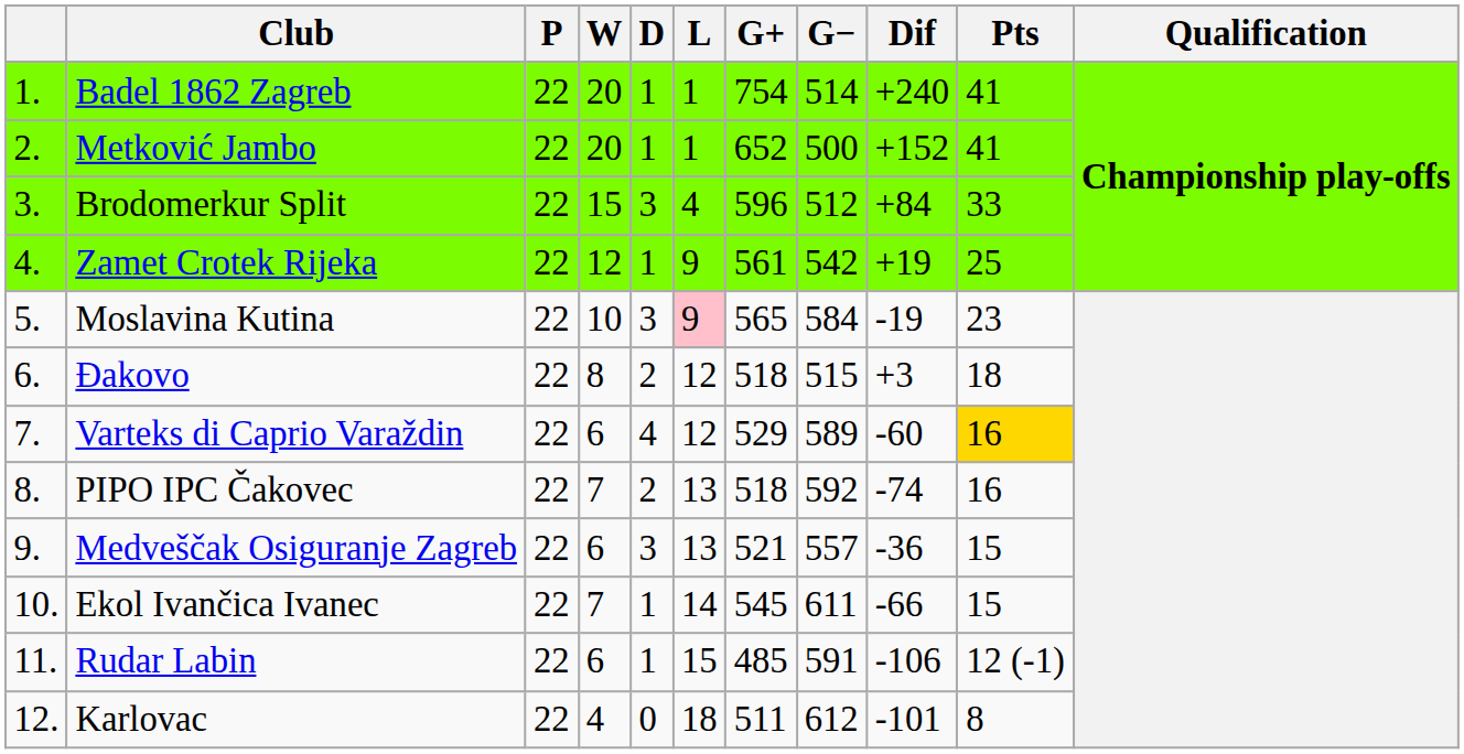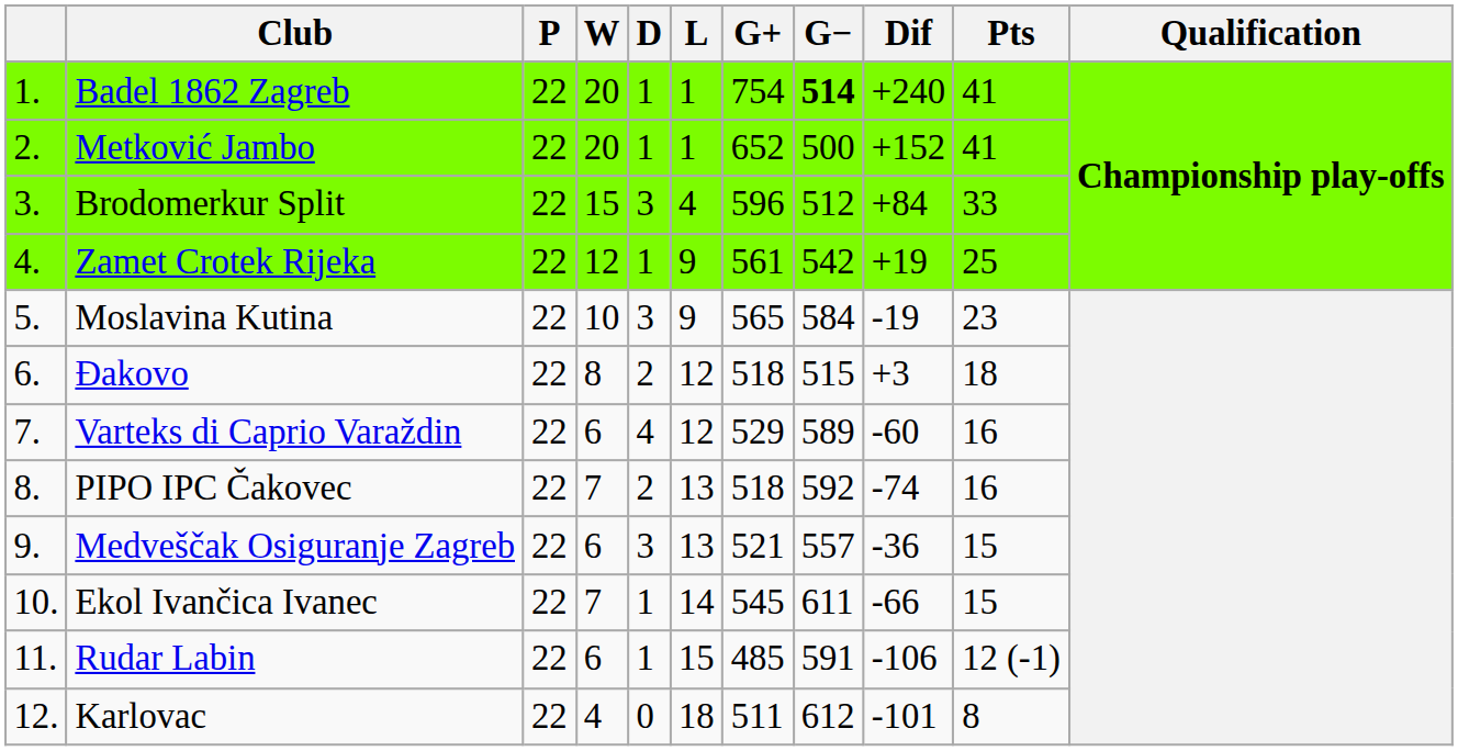 <table class="wikitable sortable">
 <tr>
 <th></th>
 <th>Club</th>
 <th>P</th>
 <th>W</th>
 <th>D</th>
 <th>L</th>
 <th>G+</th>
 <th>G−</th>
 <th>Dif</th>
 <th>Pts</th>
 <th>Qualification</th>
 </tr>
 <tr bgcolor="lawngreen">
 <td>1.</td>
 <td><a href='#'>Badel 1862 Zagreb</a></td>
 <td>22</td>
 <td>20</td>
 <td>1</td>
 <td>1</td>
 <td>754</td>
-<td>514</td>
+<td><strong>514</strong></td>
 <td>+240</td>
 <td>41</td>
 <td rowspan="4"><strong>Championship play-offs</strong></td>
 </tr>
 <tr bgcolor="lawngreen">
 <td>2.</td>
 <td><a href='#'>Metković Jambo</a></td>
 <td>22</td>
 <td>20</td>
 <td>1</td>
 <td>1</td>
 <td>652</td>
 <td>500</td>
 <td>+152</td>
 <td>41</td>
 </tr>
 <tr bgcolor="lawngreen">
 <td>3.</td>
 <td>Brodomerkur Split</td>
 <td>22</td>
 <td>15</td>
 <td>3</td>
 <td>4</td>
 <td>596</td>
 <td>512</td>
 <td>+84</td>
 <td>33</td>
 </tr>
 <tr bgcolor="lawngreen">
 <td>4.</td>
 <td><a href='#'>Zamet Crotek Rijeka</a></td>
 <td>22</td>
 <td>12</td>
 <td>1</td>
 <td>9</td>
 <td>561</td>
 <td>542</td>
 <td>+19</td>
 <td>25</td>
 </tr>
 <tr>
 <td>5.</td>
 <td>Moslavina Kutina</td>
 <td>22</td>
 <td>10</td>
 <td>3</td>
-<td style="background: pink;">9</td>
+<td>9</td>
 <td>565</td>
 <td>584</td>
 <td>-19</td>
 <td>23</td>
 <th rowspan="8"></th>
 </tr>
 <tr>
 <td>6.</td>
 <td><a href='#'>Đakovo</a></td>
 <td>22</td>
 <td>8</td>
 <td>2</td>
 <td>12</td>
 <td>518</td>
 <td>515</td>
 <td>+3</td>
 <td>18</td>
 </tr>
 <tr>
 <td>7.</td>
 <td><a href='#'>Varteks di Caprio Varaždin</a></td>
 <td>22</td>
 <td>6</td>
 <td>4</td>
 <td>12</td>
 <td>529</td>
 <td>589</td>
 <td>-60</td>
-<td style="background: gold;">16</td>
+<td>16</td>
 </tr>
 <tr>
 <td>8.</td>
 <td>PIPO IPC Čakovec</td>
 <td>22</td>
 <td>7</td>
 <td>2</td>
 <td>13</td>
 <td>518</td>
 <td>592</td>
 <td>-74</td>
 <td>16</td>
 </tr>
 <tr>
 <td>9.</td>
 <td><a href='#'>Medveščak Osiguranje Zagreb</a></td>
 <td>22</td>
 <td>6</td>
 <td>3</td>
 <td>13</td>
 <td>521</td>
 <td>557</td>
 <td>-36</td>
 <td>15</td>
 </tr>
 <tr>
 <td>10.</td>
 <td>Ekol Ivančica Ivanec</td>
 <td>22</td>
 <td>7</td>
 <td>1</td>
 <td>14</td>
 <td>545</td>
 <td>611</td>
 <td>-66</td>
 <td>15</td>
 </tr>
 <tr>
 <td>11.</td>
 <td><a href='#'>Rudar Labin</a></td>
 <td>22</td>
 <td>6</td>
 <td>1</td>
 <td>15</td>
 <td>485</td>
 <td>591</td>
 <td>-106</td>
 <td>12 (-1)</td>
 </tr>
 <tr>
 <td>12.</td>
 <td>Karlovac</td>
 <td>22</td>
 <td>4</td>
 <td>0</td>
 <td>18</td>
 <td>511</td>
 <td>612</td>
 <td>-101</td>
 <td>8</td>
 </tr>
 </table>
